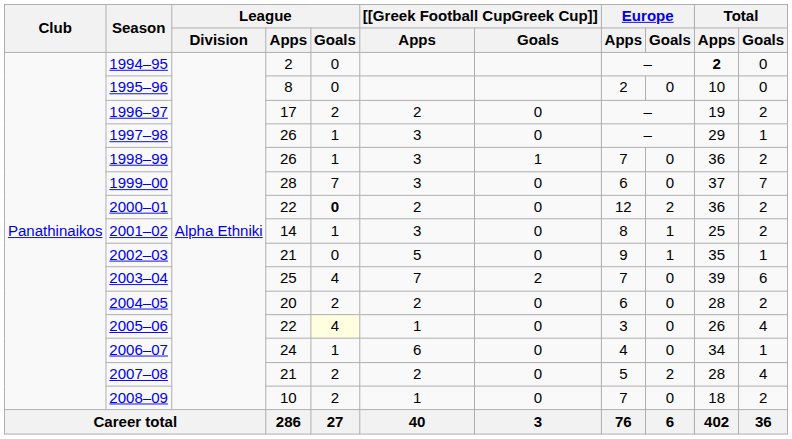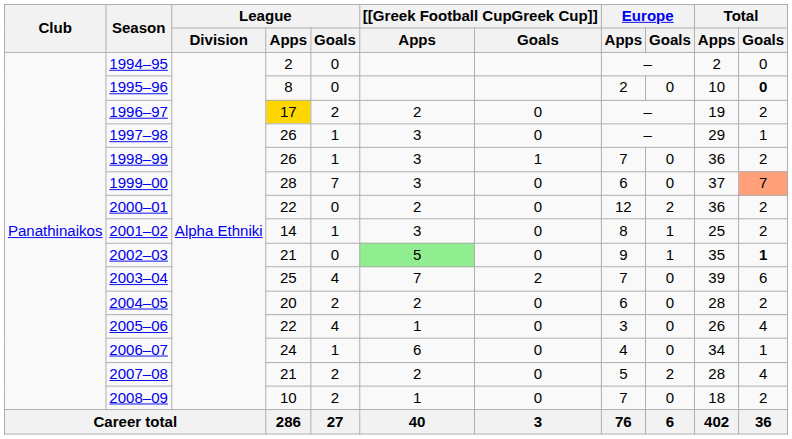 <table class="wikitable" style="text-align:center">
 <tr>
 <th rowspan="2">Club</th>
 <th rowspan="2">Season</th>
 <th colspan="3">League</th>
 <th colspan="2">[[Greek Football CupGreek Cup]]</th>
 <th colspan="2"><a href='#'>Europe</a></th>
 <th colspan="2">Total</th>
 </tr>
 <tr>
 <th>Division</th>
 <th>Apps</th>
 <th>Goals</th>
 <th>Apps</th>
 <th>Goals</th>
 <th>Apps</th>
 <th>Goals</th>
 <th>Apps</th>
 <th>Goals</th>
 </tr>
 <tr>
 <td rowspan="15"><a href='#'>Panathinaikos</a></td>
 <td><a href='#'>1994–95</a></td>
 <td rowspan="15"><a href='#'>Alpha Ethniki</a></td>
 <td>2</td>
 <td>0</td>
 <td></td>
 <td></td>
 <td colspan="2">–</td>
-<td><strong>2</strong></td>
+<td>2</td>
 <td>0</td>
 </tr>
 <tr>
 <td><a href='#'>1995–96</a></td>
 <td>8</td>
 <td>0</td>
 <td></td>
 <td></td>
 <td>2</td>
 <td>0</td>
 <td>10</td>
-<td>0</td>
+<td><strong>0</strong></td>
 </tr>
 <tr>
 <td><a href='#'>1996–97</a></td>
-<td>17</td>
+<td style="background: gold;">17</td>
 <td>2</td>
 <td>2</td>
 <td>0</td>
 <td colspan="2">–</td>
 <td>19</td>
 <td>2</td>
 </tr>
 <tr>
 <td><a href='#'>1997–98</a></td>
 <td>26</td>
 <td>1</td>
 <td>3</td>
 <td>0</td>
 <td colspan="2">–</td>
 <td>29</td>
 <td>1</td>
 </tr>
 <tr>
 <td><a href='#'>1998–99</a></td>
 <td>26</td>
 <td>1</td>
 <td>3</td>
 <td>1</td>
 <td>7</td>
 <td>0</td>
 <td>36</td>
 <td>2</td>
 </tr>
 <tr>
 <td><a href='#'>1999–00</a></td>
 <td>28</td>
 <td>7</td>
 <td>3</td>
 <td>0</td>
 <td>6</td>
 <td>0</td>
 <td>37</td>
-<td>7</td>
+<td style="background: lightsalmon;">7</td>
 </tr>
 <tr>
 <td><a href='#'>2000–01</a></td>
 <td>22</td>
-<td><strong>0</strong></td>
+<td>0</td>
 <td>2</td>
 <td>0</td>
 <td>12</td>
 <td>2</td>
 <td>36</td>
 <td>2</td>
 </tr>
 <tr>
 <td><a href='#'>2001–02</a></td>
 <td>14</td>
 <td>1</td>
 <td>3</td>
 <td>0</td>
 <td>8</td>
 <td>1</td>
 <td>25</td>
 <td>2</td>
 </tr>
 <tr>
 <td><a href='#'>2002–03</a></td>
 <td>21</td>
 <td>0</td>
-<td>5</td>
+<td style="background: lightgreen;">5</td>
 <td>0</td>
 <td>9</td>
 <td>1</td>
 <td>35</td>
-<td>1</td>
+<td><strong>1</strong></td>
 </tr>
 <tr>
 <td><a href='#'>2003–04</a></td>
 <td>25</td>
 <td>4</td>
 <td>7</td>
 <td>2</td>
 <td>7</td>
 <td>0</td>
 <td>39</td>
 <td>6</td>
 </tr>
 <tr>
 <td><a href='#'>2004–05</a></td>
 <td>20</td>
 <td>2</td>
 <td>2</td>
 <td>0</td>
 <td>6</td>
 <td>0</td>
 <td>28</td>
 <td>2</td>
 </tr>
 <tr>
 <td><a href='#'>2005–06</a></td>
 <td>22</td>
-<td style="background: lightyellow;">4</td>
+<td>4</td>
 <td>1</td>
 <td>0</td>
 <td>3</td>
 <td>0</td>
 <td>26</td>
 <td>4</td>
 </tr>
 <tr>
 <td><a href='#'>2006–07</a></td>
 <td>24</td>
 <td>1</td>
 <td>6</td>
 <td>0</td>
 <td>4</td>
 <td>0</td>
 <td>34</td>
 <td>1</td>
 </tr>
 <tr>
 <td><a href='#'>2007–08</a></td>
 <td>21</td>
 <td>2</td>
 <td>2</td>
 <td>0</td>
 <td>5</td>
 <td>2</td>
 <td>28</td>
 <td>4</td>
 </tr>
 <tr>
 <td><a href='#'>2008–09</a></td>
 <td>10</td>
 <td>2</td>
 <td>1</td>
 <td>0</td>
 <td>7</td>
 <td>0</td>
 <td>18</td>
 <td>2</td>
 </tr>
 <tr>
 <th colspan="3">Career total</th>
 <th>286</th>
 <th>27</th>
 <th>40</th>
 <th>3</th>
 <th>76</th>
 <th>6</th>
 <th>402</th>
 <th>36</th>
 </tr>
 </table>
